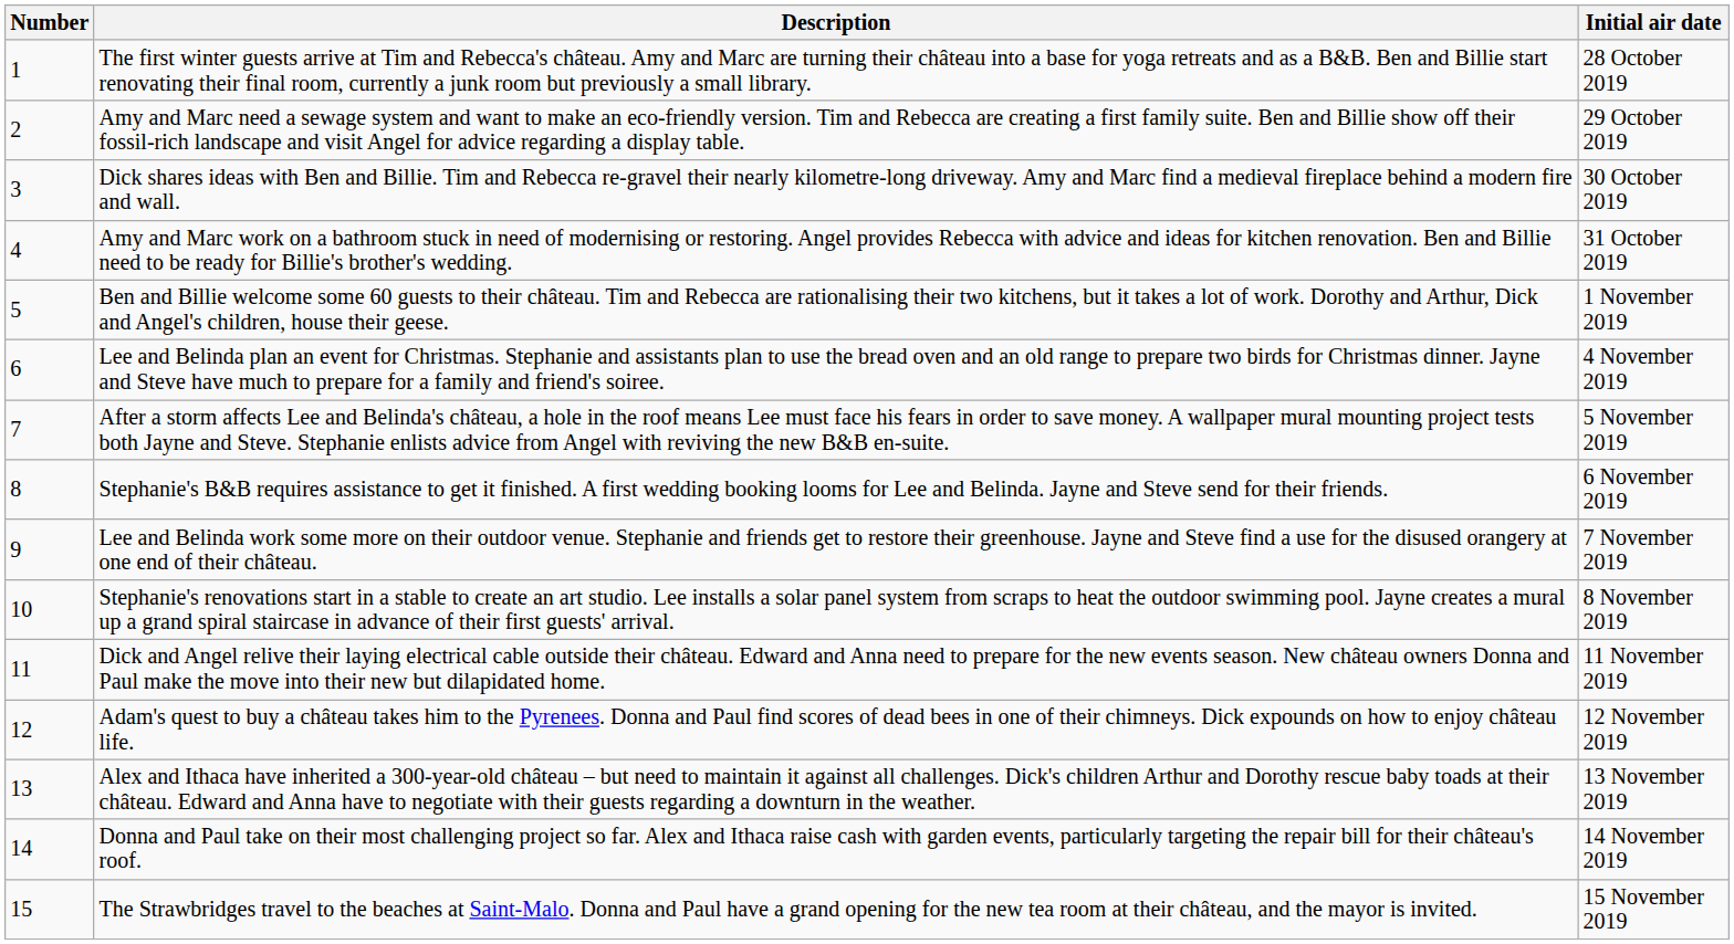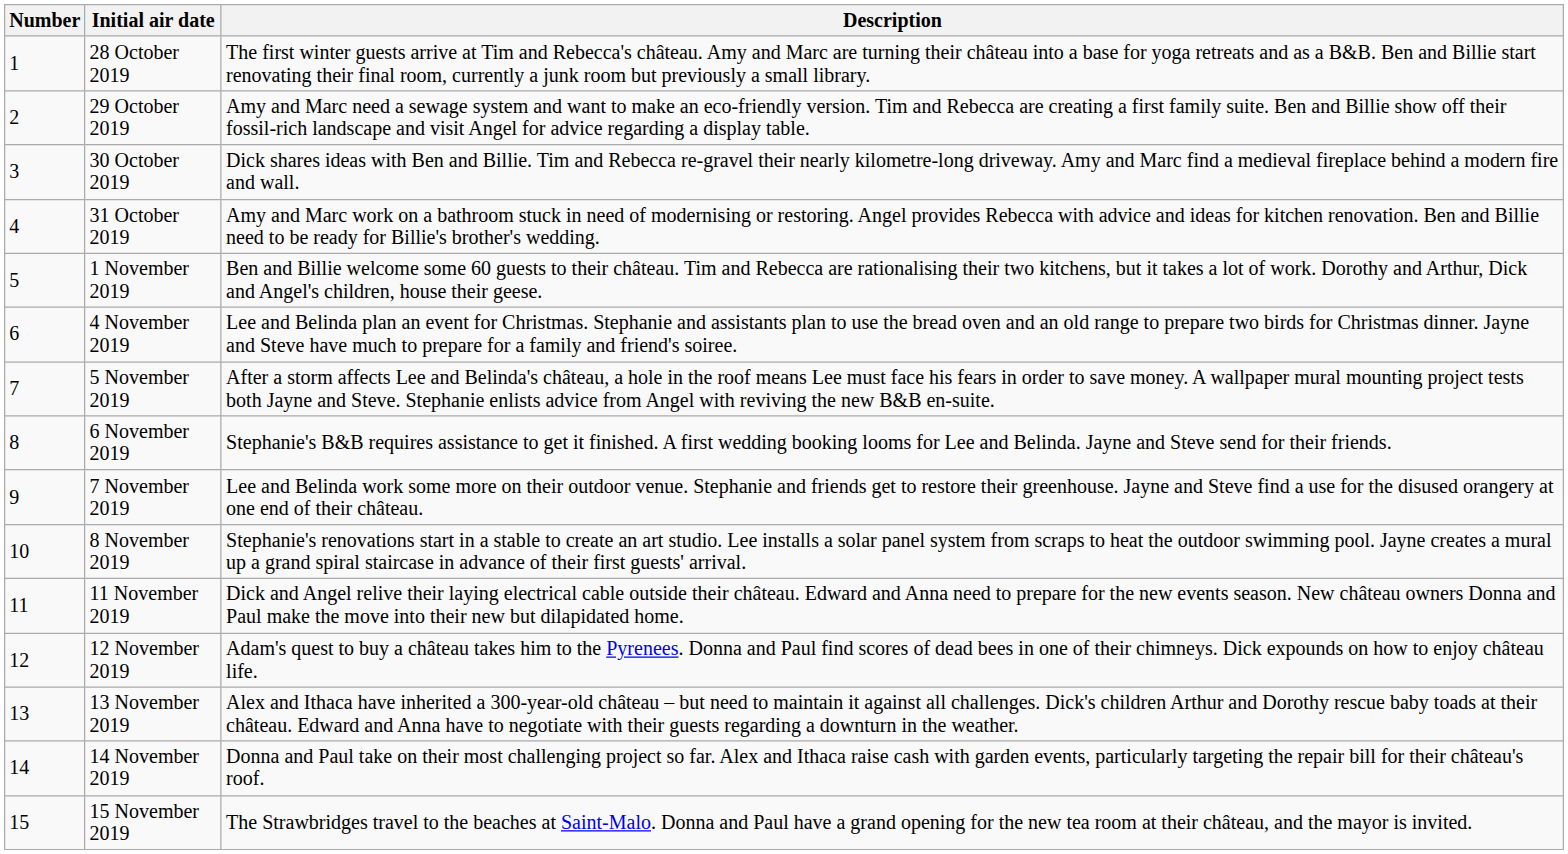 <table class="wikitable">
 <tr>
 <th>Number</th>
+<th>Initial air date</th>
 <th>Description</th>
-<th>Initial air date</th>
 </tr>
 <tr>
 <td>1</td>
+<td>28 October 2019</td>
 <td>The first winter guests arrive at Tim and Rebecca's château. Amy and Marc are turning their château into a base for yoga retreats and as a B&B. Ben and Billie start renovating their final room, currently a junk room but previously a small library.</td>
-<td>28 October 2019</td>
 </tr>
 <tr>
 <td>2</td>
+<td>29 October 2019</td>
 <td>Amy and Marc need a sewage system and want to make an eco-friendly version. Tim and Rebecca are creating a first family suite. Ben and Billie show off their fossil-rich landscape and visit Angel for advice regarding a display table.</td>
-<td>29 October 2019</td>
 </tr>
 <tr>
 <td>3</td>
+<td>30 October 2019</td>
 <td>Dick shares ideas with Ben and Billie. Tim and Rebecca re-gravel their nearly kilometre-long driveway. Amy and Marc find a medieval fireplace behind a modern fire and wall.</td>
-<td>30 October 2019</td>
 </tr>
 <tr>
 <td>4</td>
+<td>31 October 2019</td>
 <td>Amy and Marc work on a bathroom stuck in need of modernising or restoring. Angel provides Rebecca with advice and ideas for kitchen renovation. Ben and Billie need to be ready for Billie's brother's wedding.</td>
-<td>31 October 2019</td>
 </tr>
 <tr>
 <td>5</td>
+<td>1 November 2019</td>
 <td>Ben and Billie welcome some 60 guests to their château. Tim and Rebecca are rationalising their two kitchens, but it takes a lot of work. Dorothy and Arthur, Dick and Angel's children, house their geese.</td>
-<td>1 November 2019</td>
 </tr>
 <tr>
 <td>6</td>
+<td>4 November 2019</td>
 <td>Lee and Belinda plan an event for Christmas. Stephanie and assistants plan to use the bread oven and an old range to prepare two birds for Christmas dinner. Jayne and Steve have much to prepare for a family and friend's soiree.</td>
-<td>4 November 2019</td>
 </tr>
 <tr>
 <td>7</td>
+<td>5 November 2019</td>
 <td>After a storm affects Lee and Belinda's château, a hole in the roof means Lee must face his fears in order to save money. A wallpaper mural mounting project tests both Jayne and Steve. Stephanie enlists advice from Angel with reviving the new B&B en-suite.</td>
-<td>5 November 2019</td>
 </tr>
 <tr>
 <td>8</td>
+<td>6 November 2019</td>
 <td>Stephanie's B&B requires assistance to get it finished. A first wedding booking looms for Lee and Belinda. Jayne and Steve send for their friends.</td>
-<td>6 November 2019</td>
 </tr>
 <tr>
 <td>9</td>
+<td>7 November 2019</td>
 <td>Lee and Belinda work some more on their outdoor venue. Stephanie and friends get to restore their greenhouse. Jayne and Steve find a use for the disused orangery at one end of their château.</td>
-<td>7 November 2019</td>
 </tr>
 <tr>
 <td>10</td>
+<td>8 November 2019</td>
 <td>Stephanie's renovations start in a stable to create an art studio. Lee installs a solar panel system from scraps to heat the outdoor swimming pool. Jayne creates a mural up a grand spiral staircase in advance of their first guests' arrival.</td>
-<td>8 November 2019</td>
 </tr>
 <tr>
 <td>11</td>
+<td>11 November 2019</td>
 <td>Dick and Angel relive their laying electrical cable outside their château. Edward and Anna need to prepare for the new events season. New château owners Donna and Paul make the move into their new but dilapidated home.</td>
-<td>11 November 2019</td>
 </tr>
 <tr>
 <td>12</td>
+<td>12 November 2019</td>
 <td>Adam's quest to buy a château takes him to the <a href='#'>Pyrenees</a>. Donna and Paul find scores of dead bees in one of their chimneys. Dick expounds on how to enjoy château life.</td>
-<td>12 November 2019</td>
 </tr>
 <tr>
 <td>13</td>
+<td>13 November 2019</td>
 <td>Alex and Ithaca have inherited a 300-year-old château – but need to maintain it against all challenges. Dick's children Arthur and Dorothy rescue baby toads at their château. Edward and Anna have to negotiate with their guests regarding a downturn in the weather.</td>
-<td>13 November 2019</td>
 </tr>
 <tr>
 <td>14</td>
+<td>14 November 2019</td>
 <td>Donna and Paul take on their most challenging project so far. Alex and Ithaca raise cash with garden events, particularly targeting the repair bill for their château's roof.</td>
-<td>14 November 2019</td>
 </tr>
 <tr>
 <td>15</td>
+<td>15 November 2019</td>
 <td>The Strawbridges travel to the beaches at <a href='#'>Saint-Malo</a>. Donna and Paul have a grand opening for the new tea room at their château, and the mayor is invited.</td>
-<td>15 November 2019</td>
 </tr>
 </table>
